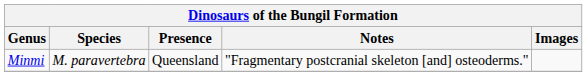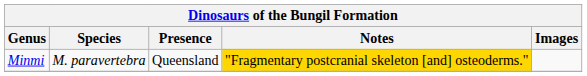 <table class="wikitable" align="center">
 <tr>
 <th colspan="5" align="center"><strong><a href='#'>Dinosaurs</a> of the Bungil Formation</strong></th>
 </tr>
 <tr>
 <th>Genus</th>
 <th>Species</th>
 <th>Presence</th>
 <th>Notes</th>
 <th>Images</th>
 </tr>
 <tr>
 <td><em><a href='#'>Minmi</a></em></td>
 <td><em>M. paravertebra</em></td>
 <td>Queensland</td>
-<td>"Fragmentary postcranial skeleton [and] osteoderms."</td>
+<td style="background: gold;">"Fragmentary postcranial skeleton [and] osteoderms."</td>
 <td></td>
 </tr>
 <tr>
 </tr>
 </table>
